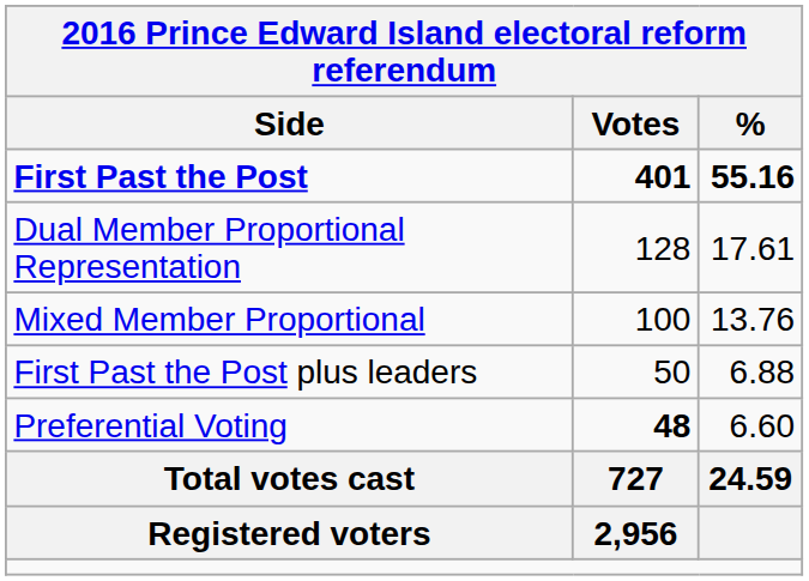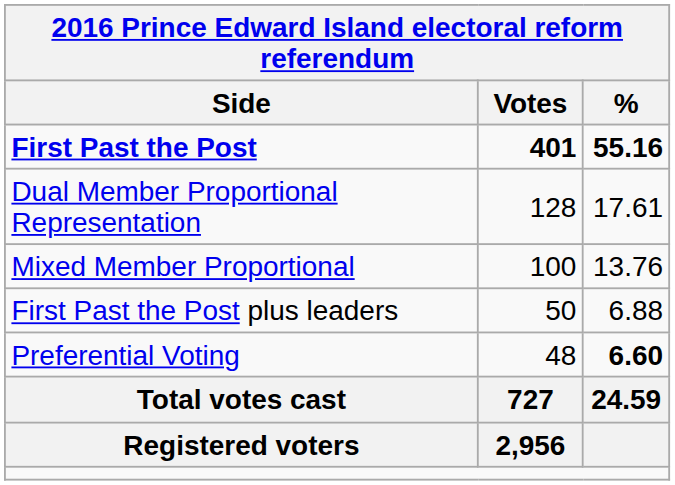 <table class="wikitable" style="font-size: 95%; clear:both">
 <tr style="background-color:#E9E9E9">
 <th colspan=4><a href='#'>2016 Prince Edward Island electoral reform referendum</a></th>
 </tr>
 <tr style="background-color:#E9E9E9">
 <th style="width: 250px">Side</th>
 <th style="width: 50px">Votes</th>
 <th style="width: 40px">%</th>
 </tr>
 <tr>
 <td><strong><a href='#'>First Past the Post</a></strong></td>
 <td align="right"><strong>401</strong></td>
 <td align="right"><strong>55.16</strong></td>
 </tr>
 <tr>
 <td><a href='#'>Dual Member Proportional Representation</a></td>
 <td align="right">128</td>
 <td align="right">17.61</td>
 </tr>
 <tr>
 <td><a href='#'>Mixed Member Proportional</a></td>
 <td align="right">100</td>
 <td align="right">13.76</td>
 </tr>
 <tr>
 <td><a href='#'>First Past the Post</a> plus leaders</td>
 <td align="right">50</td>
 <td align="right">6.88</td>
 </tr>
 <tr>
 <td><a href='#'>Preferential Voting</a></td>
-<td align="right"><strong>48</strong></td>
-<td align="right">6.60</td>
+<td align="right">48</td>
+<td align="right"><strong>6.60</strong></td>
 </tr>
 <tr>
 <th align="center">Total votes cast</th>
 <th align="right">727</th>
 <th align="right">24.59</th>
 </tr>
 <tr bgcolor="white">
 <th align="center">Registered voters</th>
 <th align="right">2,956</th>
 <th align="right"></th>
 </tr>
 <tr>
 <td colspan=4 style="border-top:1px solid darkgray;"></td>
 </tr>
 </table>
